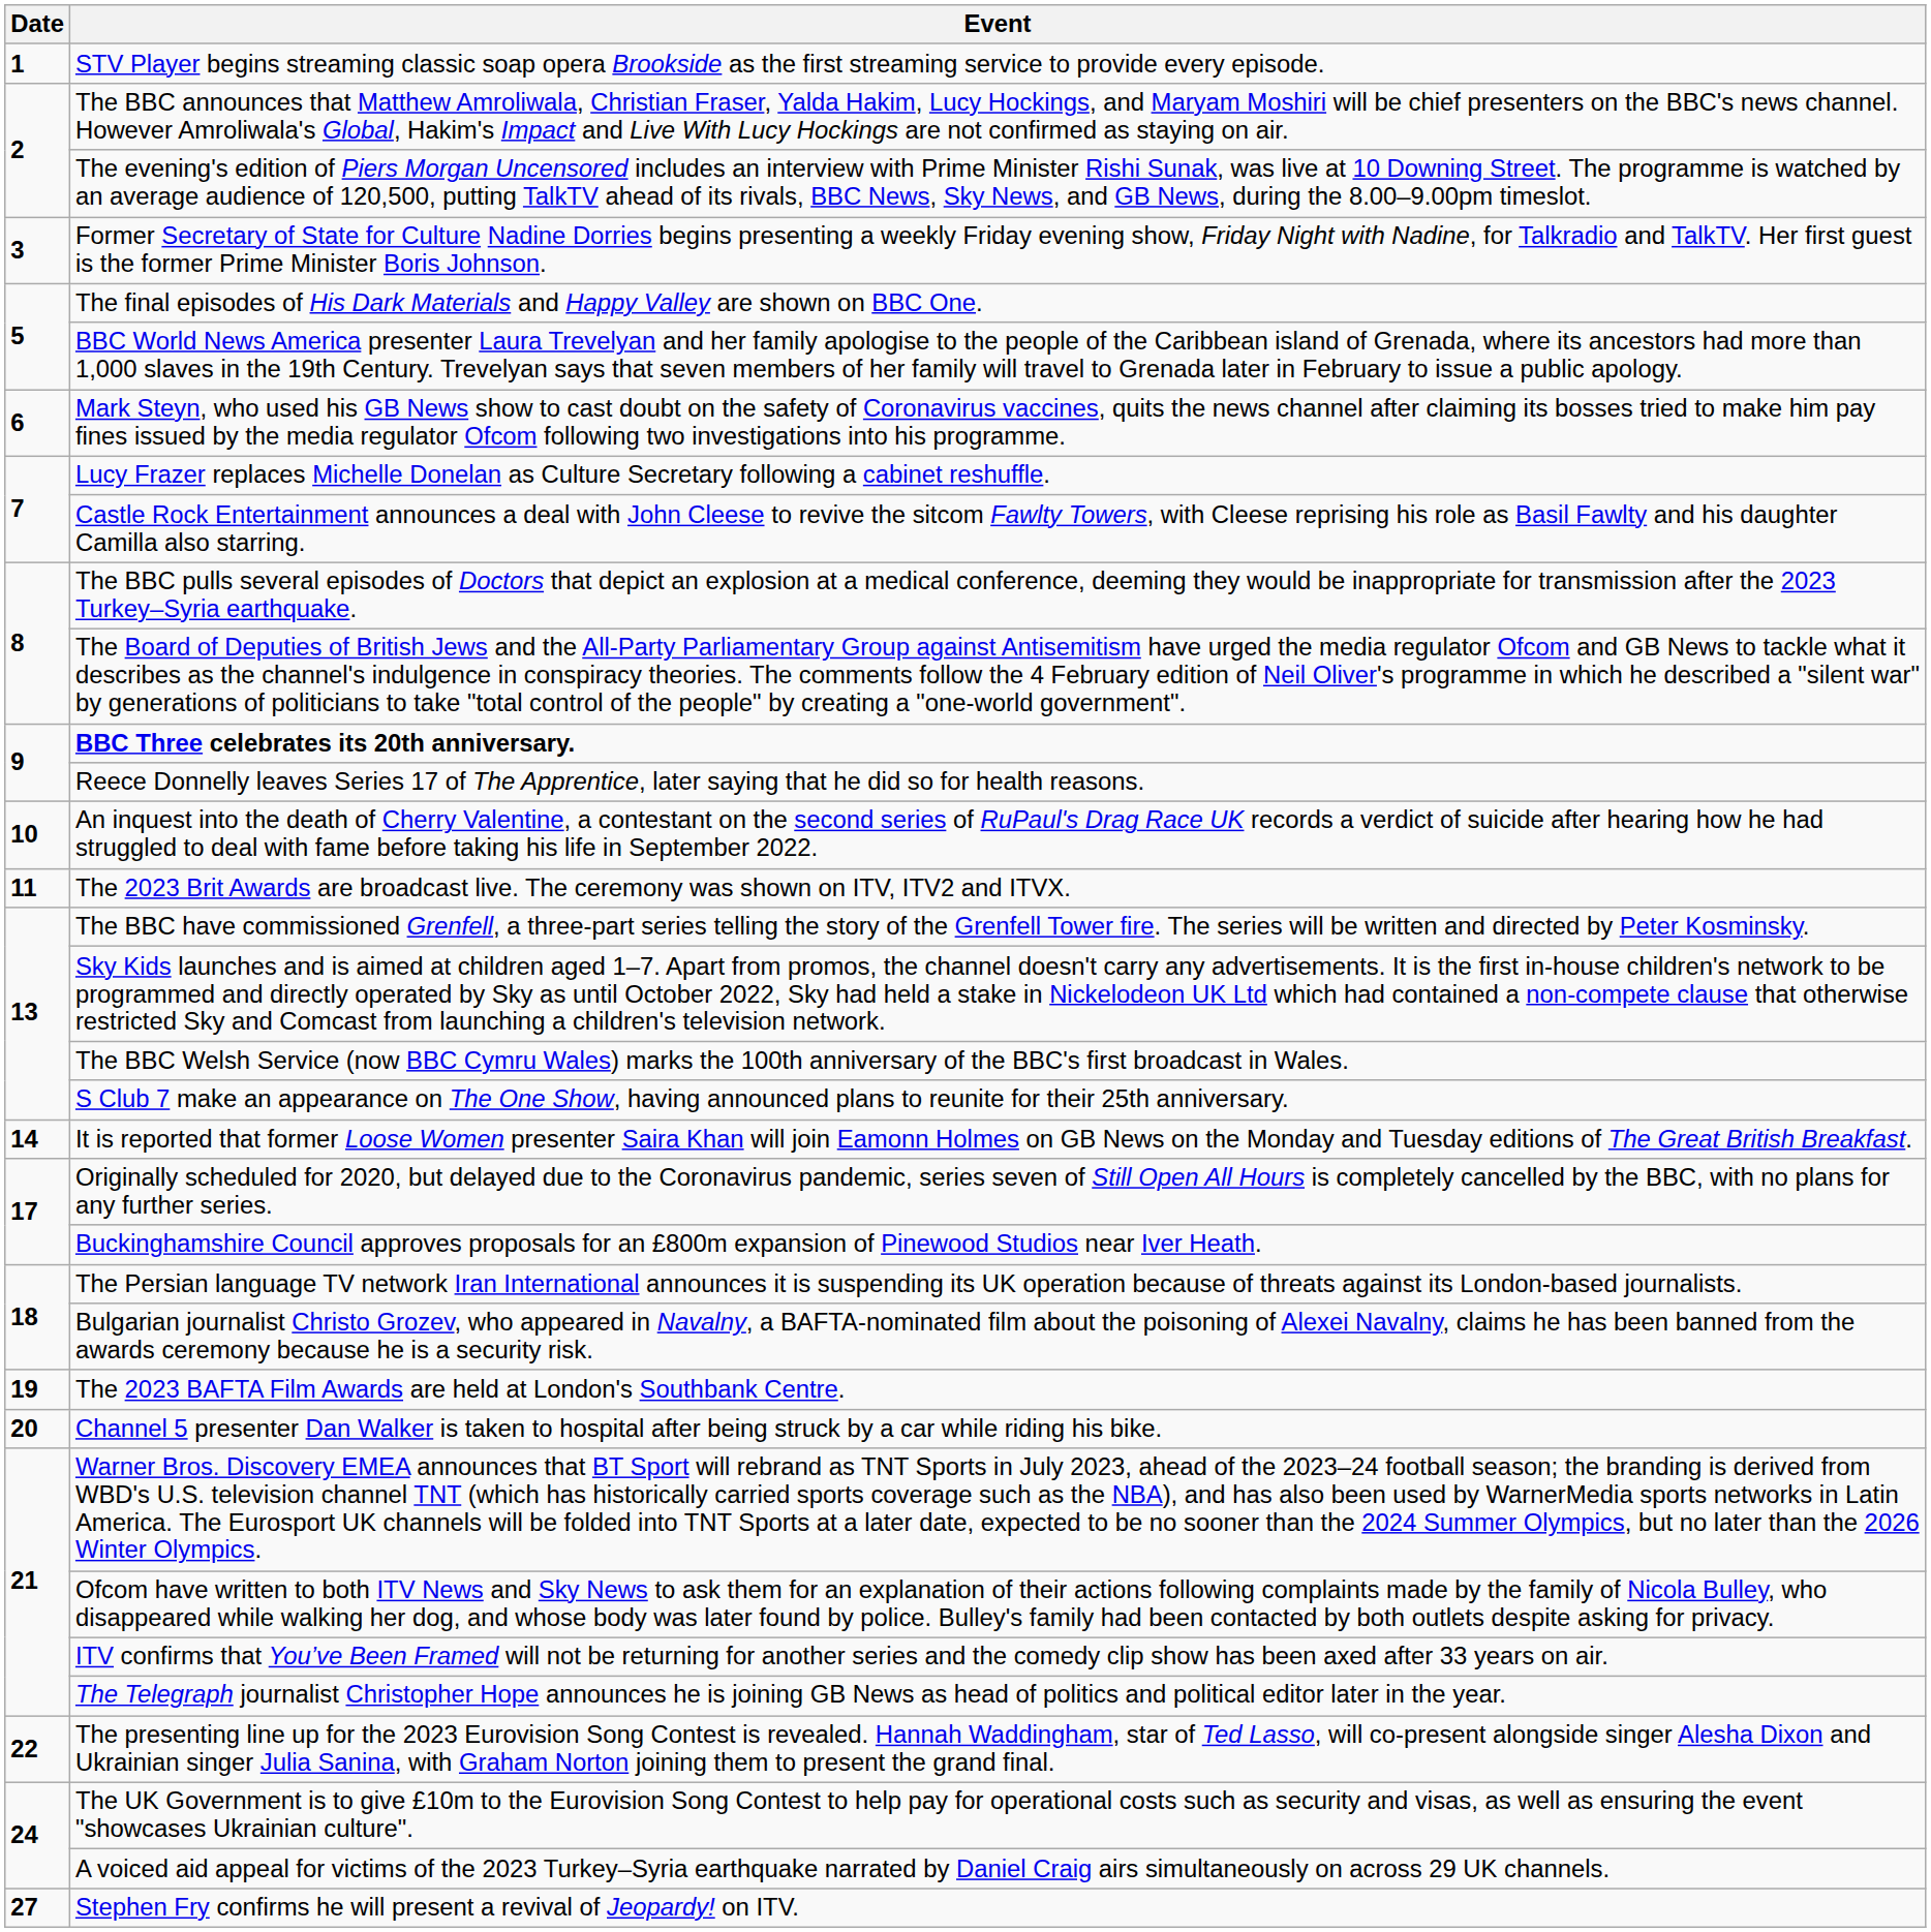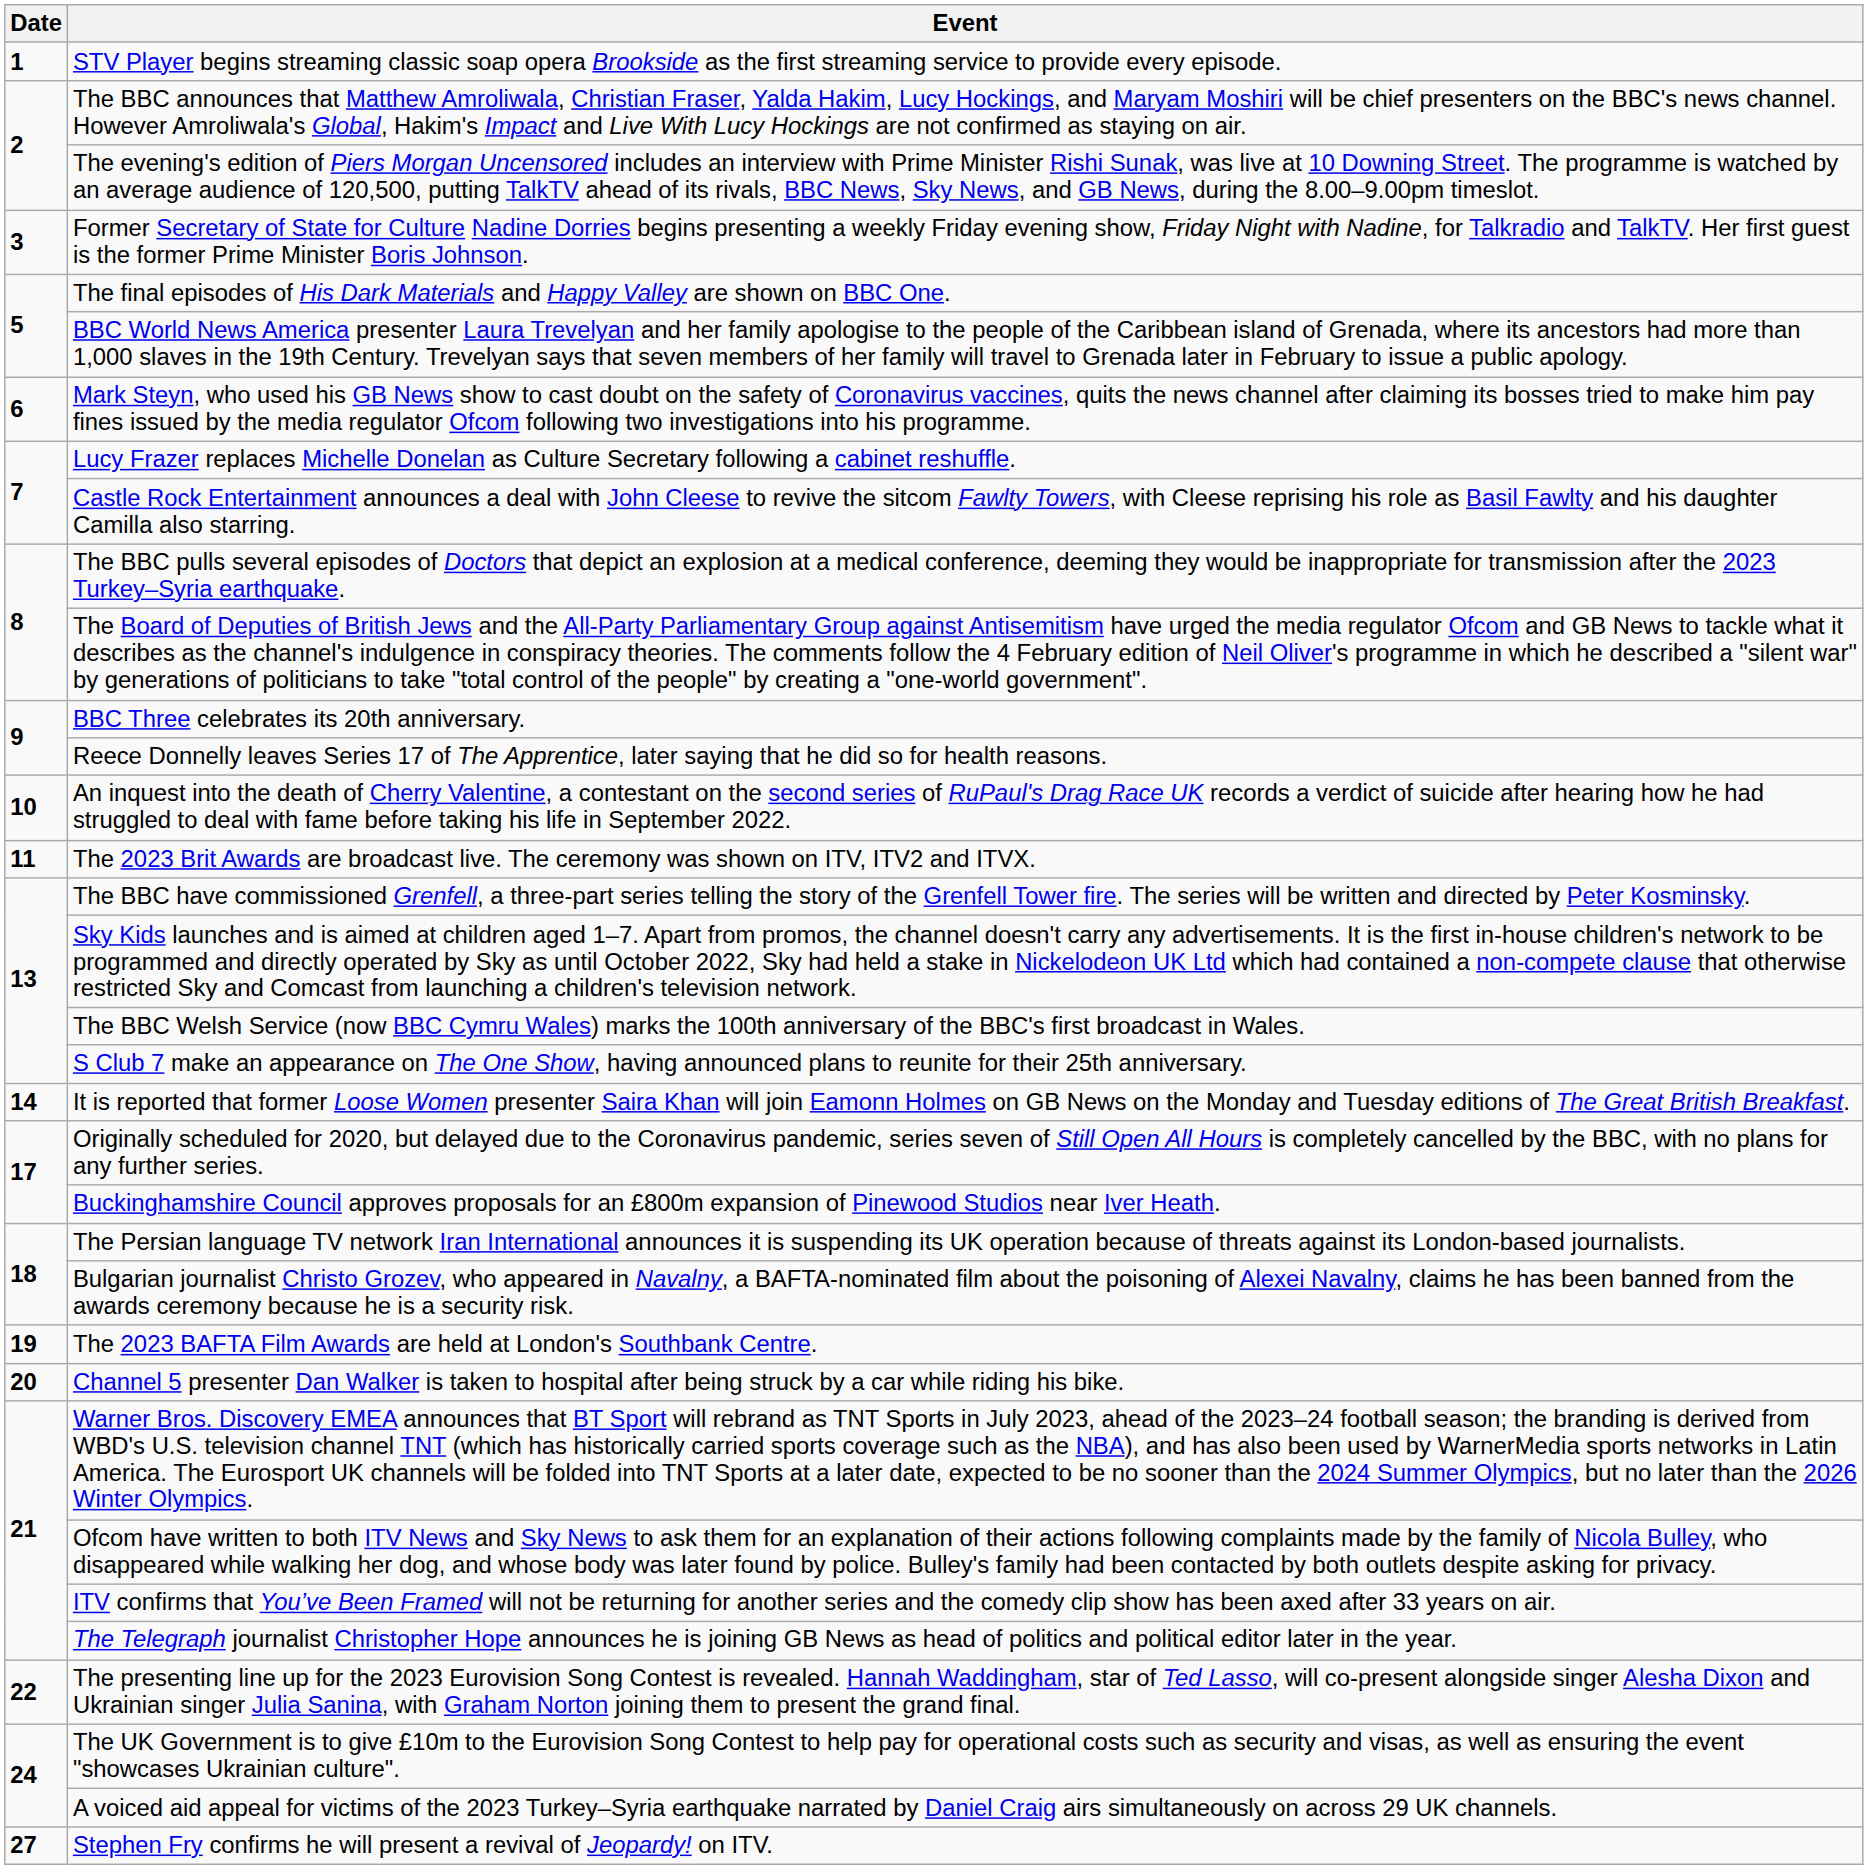 <table class="wikitable">
 <tr>
 <th>Date</th>
 <th>Event</th>
 </tr>
 <tr>
 <td><strong>1</strong></td>
 <td><a href='#'>STV Player</a> begins streaming classic soap opera <em><a href='#'>Brookside</a></em> as the first streaming service to provide every episode.</td>
 </tr>
 <tr>
 <td rowspan=2><strong>2</strong></td>
 <td>The BBC announces that <a href='#'>Matthew Amroliwala</a>, <a href='#'>Christian Fraser</a>, <a href='#'>Yalda Hakim</a>, <a href='#'>Lucy Hockings</a>, and <a href='#'>Maryam Moshiri</a> will be chief presenters on the BBC's news channel. However Amroliwala's <em><a href='#'>Global</a></em>, Hakim's <em><a href='#'>Impact</a></em> and <em>Live With Lucy Hockings</em> are not confirmed as staying on air.</td>
 </tr>
 <tr>
 <td>The evening's edition of <em><a href='#'>Piers Morgan Uncensored</a></em> includes an interview with Prime Minister <a href='#'>Rishi Sunak</a>, was live at <a href='#'>10 Downing Street</a>. The programme is watched by an average audience of 120,500, putting <a href='#'>TalkTV</a> ahead of its rivals, <a href='#'>BBC News</a>, <a href='#'>Sky News</a>, and <a href='#'>GB News</a>, during the 8.00–9.00pm timeslot.</td>
 </tr>
 <tr>
 <td><strong>3</strong></td>
 <td>Former <a href='#'>Secretary of State for Culture</a> <a href='#'>Nadine Dorries</a> begins presenting a weekly Friday evening show, <em>Friday Night with Nadine</em>, for <a href='#'>Talkradio</a> and <a href='#'>TalkTV</a>. Her first guest is the former Prime Minister <a href='#'>Boris Johnson</a>.</td>
 </tr>
 <tr>
 <td rowspan=2><strong>5</strong></td>
 <td>The final episodes of <em><a href='#'>His Dark Materials</a></em> and <em><a href='#'>Happy Valley</a></em> are shown on <a href='#'>BBC One</a>.</td>
 </tr>
 <tr>
 <td><a href='#'>BBC World News America</a> presenter <a href='#'>Laura Trevelyan</a> and her family apologise to the people of the Caribbean island of Grenada, where its ancestors had more than 1,000 slaves in the 19th Century. Trevelyan says that seven members of her family will travel to Grenada later in February to issue a public apology.</td>
 </tr>
 <tr>
 <td><strong>6</strong></td>
 <td><a href='#'>Mark Steyn</a>, who used his <a href='#'>GB News</a> show to cast doubt on the safety of <a href='#'>Coronavirus vaccines</a>, quits the news channel after claiming its bosses tried to make him pay fines issued by the media regulator <a href='#'>Ofcom</a> following two investigations into his programme.</td>
 </tr>
 <tr>
 <td rowspan=2><strong>7</strong></td>
 <td><a href='#'>Lucy Frazer</a> replaces <a href='#'>Michelle Donelan</a> as Culture Secretary following a <a href='#'>cabinet reshuffle</a>.</td>
 </tr>
 <tr>
 <td><a href='#'>Castle Rock Entertainment</a> announces a deal with <a href='#'>John Cleese</a> to revive the sitcom <em><a href='#'>Fawlty Towers</a></em>, with Cleese reprising his role as <a href='#'>Basil Fawlty</a> and his daughter Camilla also starring.</td>
 </tr>
 <tr>
 <td rowspan=2><strong>8</strong></td>
 <td>The BBC pulls several episodes of <em><a href='#'>Doctors</a></em> that depict an explosion at a medical conference, deeming they would be inappropriate for transmission after the <a href='#'>2023 Turkey–Syria earthquake</a>.</td>
 </tr>
 <tr>
 <td>The <a href='#'>Board of Deputies of British Jews</a> and the <a href='#'>All-Party Parliamentary Group against Antisemitism</a> have urged the media regulator <a href='#'>Ofcom</a> and GB News to tackle what it describes as the channel's indulgence in conspiracy theories. The comments follow the 4 February edition of <a href='#'>Neil Oliver</a>'s programme in which he described a "silent war" by generations of politicians to take "total control of the people" by creating a "one-world government".</td>
 </tr>
 <tr>
 <td rowspan=2><strong>9</strong></td>
-<td><strong><a href='#'>BBC Three</a> celebrates its 20th anniversary.</strong></td>
+<td><a href='#'>BBC Three</a> celebrates its 20th anniversary.</td>
 </tr>
 <tr>
 <td>Reece Donnelly leaves Series 17 of <em>The Apprentice</em>, later saying that he did so for health reasons.</td>
 </tr>
 <tr>
 <td><strong>10</strong></td>
 <td>An inquest into the death of <a href='#'>Cherry Valentine</a>, a contestant on the <a href='#'>second series</a> of <em><a href='#'>RuPaul's Drag Race UK</a></em> records a verdict of suicide after hearing how he had struggled to deal with fame before taking his life in September 2022.</td>
 </tr>
 <tr>
 <td><strong>11</strong></td>
 <td>The <a href='#'>2023 Brit Awards</a> are broadcast live. The ceremony was shown on ITV, ITV2 and ITVX.</td>
 </tr>
 <tr>
 <td rowspan=4><strong>13</strong></td>
 <td>The BBC have commissioned <em><a href='#'>Grenfell</a></em>, a three-part series telling the story of the <a href='#'>Grenfell Tower fire</a>. The series will be written and directed by <a href='#'>Peter Kosminsky</a>.</td>
 </tr>
 <tr>
 <td><a href='#'>Sky Kids</a> launches and is aimed at children aged 1–7. Apart from promos, the channel doesn't carry any advertisements. It is the first in-house children's network to be programmed and directly operated by Sky as until October 2022, Sky had held a stake in <a href='#'>Nickelodeon UK Ltd</a> which had contained a <a href='#'>non-compete clause</a> that otherwise restricted Sky and Comcast from launching a children's television network.</td>
 </tr>
 <tr>
 <td>The BBC Welsh Service (now <a href='#'>BBC Cymru Wales</a>) marks the 100th anniversary of the BBC's first broadcast in Wales.</td>
 </tr>
 <tr>
 <td><a href='#'>S Club 7</a> make an appearance on <em><a href='#'>The One Show</a></em>, having announced plans to reunite for their 25th anniversary.</td>
 </tr>
 <tr>
 <td><strong>14</strong></td>
 <td>It is reported that former <em><a href='#'>Loose Women</a></em> presenter <a href='#'>Saira Khan</a> will join <a href='#'>Eamonn Holmes</a> on GB News on the Monday and Tuesday editions of <em><a href='#'>The Great British Breakfast</a></em>.</td>
 </tr>
 <tr>
 <td rowspan=2><strong>17</strong></td>
 <td>Originally scheduled for 2020, but delayed due to the Coronavirus pandemic, series seven of <em><a href='#'>Still Open All Hours</a></em> is completely cancelled by the BBC, with no plans for any further series.</td>
 </tr>
 <tr>
 <td><a href='#'>Buckinghamshire Council</a> approves proposals for an £800m expansion of <a href='#'>Pinewood Studios</a> near <a href='#'>Iver Heath</a>.</td>
 </tr>
 <tr>
 <td rowspan=2><strong>18</strong></td>
 <td>The Persian language TV network <a href='#'>Iran International</a> announces it is suspending its UK operation because of threats against its London-based journalists.</td>
 </tr>
 <tr>
 <td>Bulgarian journalist <a href='#'>Christo Grozev</a>, who appeared in <em><a href='#'>Navalny</a></em>, a BAFTA-nominated film about the poisoning of <a href='#'>Alexei Navalny</a>, claims he has been banned from the awards ceremony because he is a security risk.</td>
 </tr>
 <tr>
 <td><strong>19</strong></td>
 <td>The <a href='#'>2023 BAFTA Film Awards</a> are held at London's <a href='#'>Southbank Centre</a>.</td>
 </tr>
 <tr>
 <td><strong>20</strong></td>
 <td><a href='#'>Channel 5</a> presenter <a href='#'>Dan Walker</a> is taken to hospital after being struck by a car while riding his bike.</td>
 </tr>
 <tr>
 <td rowspan=4><strong>21</strong></td>
 <td><a href='#'>Warner Bros. Discovery EMEA</a> announces that <a href='#'>BT Sport</a> will rebrand as TNT Sports in July 2023, ahead of the 2023–24 football season; the branding is derived from WBD's U.S. television channel <a href='#'>TNT</a> (which has historically carried sports coverage such as the <a href='#'>NBA</a>), and has also been used by WarnerMedia sports networks in Latin America. The Eurosport UK channels will be folded into TNT Sports at a later date, expected to be no sooner than the <a href='#'>2024 Summer Olympics</a>, but no later than the <a href='#'>2026 Winter Olympics</a>.</td>
 </tr>
 <tr>
 <td>Ofcom have written to both <a href='#'>ITV News</a> and <a href='#'>Sky News</a> to ask them for an explanation of their actions following complaints made by the family of <a href='#'>Nicola Bulley</a>, who disappeared while walking her dog, and whose body was later found by police. Bulley's family had been contacted by both outlets despite asking for privacy.</td>
 </tr>
 <tr>
 <td><a href='#'>ITV</a> confirms that <em><a href='#'>You’ve Been Framed</a></em> will not be returning for another series and the comedy clip show has been axed after 33 years on air.</td>
 </tr>
 <tr>
 <td><em><a href='#'>The Telegraph</a></em> journalist <a href='#'>Christopher Hope</a> announces he is joining GB News as head of politics and political editor later in the year.</td>
 </tr>
 <tr>
 <td><strong>22</strong></td>
 <td>The presenting line up for the 2023 Eurovision Song Contest is revealed. <a href='#'>Hannah Waddingham</a>, star of <em><a href='#'>Ted Lasso</a></em>, will co-present alongside singer <a href='#'>Alesha Dixon</a> and Ukrainian singer <a href='#'>Julia Sanina</a>, with <a href='#'>Graham Norton</a> joining them to present the grand final.</td>
 </tr>
 <tr>
 <td rowspan=2><strong>24</strong></td>
 <td>The UK Government is to give £10m to the Eurovision Song Contest to help pay for operational costs such as security and visas, as well as ensuring the event "showcases Ukrainian culture".</td>
 </tr>
 <tr>
 <td>A voiced aid appeal for victims of the 2023 Turkey–Syria earthquake narrated by <a href='#'>Daniel Craig</a> airs simultaneously on across 29 UK channels.</td>
 </tr>
 <tr>
 <td><strong>27</strong></td>
 <td><a href='#'>Stephen Fry</a> confirms he will present a revival of <em><a href='#'>Jeopardy!</a></em> on ITV.</td>
 </tr>
 </table>
